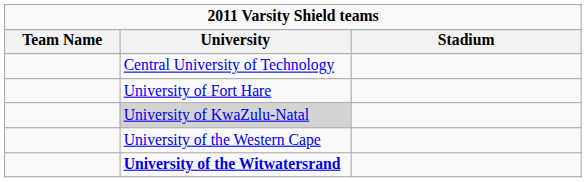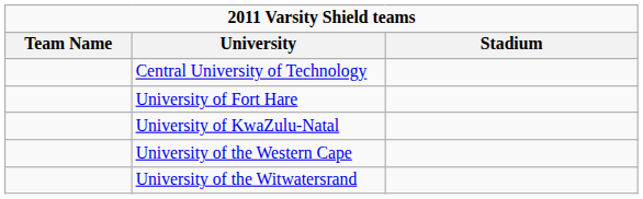 <table class="wikitable" style="text-align:left; line-height:110%; font-size:90%; width:60%;">
 <tr>
 <td colspan=4 align=center><strong>2011 Varsity Shield teams</strong></td>
 </tr>
 <tr>
 <th width="20%">Team Name</th>
 <th width="40%">University</th>
 <th width="40%">Stadium</th>
 </tr>
 <tr>
 <td></td>
 <td><a href='#'>Central University of Technology</a></td>
 <td></td>
 </tr>
 <tr>
 <td></td>
 <td><a href='#'>University of Fort Hare</a></td>
 <td></td>
 </tr>
 <tr>
 <td></td>
-<td style="background: lightgrey;"><a href='#'>University of KwaZulu-Natal</a></td>
+<td><a href='#'>University of KwaZulu-Natal</a></td>
 <td></td>
 </tr>
 <tr>
 <td></td>
 <td><a href='#'>University of the Western Cape</a></td>
 <td></td>
 </tr>
 <tr>
 <td></td>
-<td><strong><a href='#'>University of the Witwatersrand</a></strong></td>
+<td><a href='#'>University of the Witwatersrand</a></td>
 <td></td>
 </tr>
 </table>
